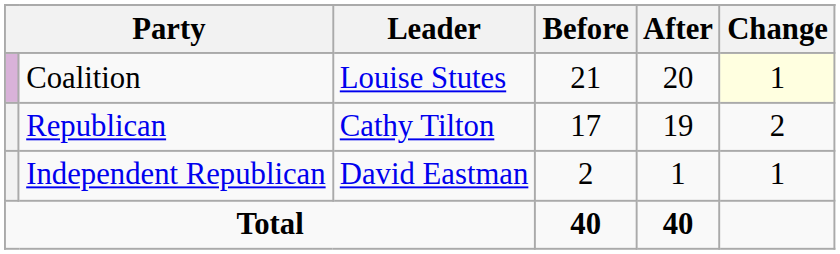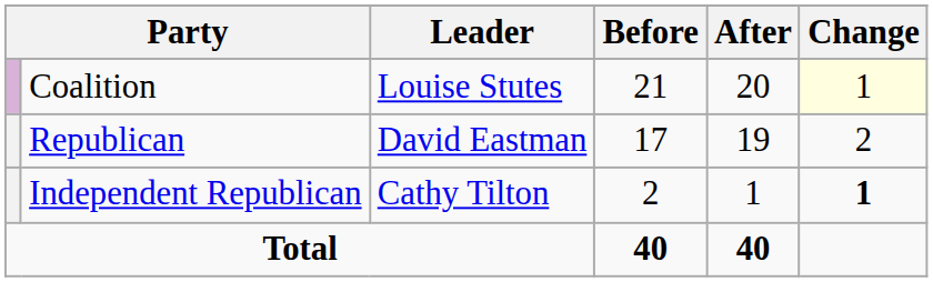 <table class="wikitable" style="text-align:center;">
 <tr>
 </tr>
 <tr>
 <th colspan=2>Party</th>
 <th>Leader</th>
 <th>Before</th>
 <th>After</th>
 <th>Change</th>
 </tr>
 <tr>
 <th style="background-color:#d9b2d9;"></th>
 <td style="text-align:left;">Coalition</td>
 <td style="text-align:left;"><a href='#'>Louise Stutes</a></td>
 <td>21</td>
 <td>20</td>
 <td style="background: lightyellow;"> 1</td>
 </tr>
 <tr>
 <th style="background-color:"></th>
 <td style="text-align:left;"><a href='#'>Republican</a></td>
-<td style="text-align:left;"><a href='#'>Cathy Tilton</a></td>
+<td style="text-align:left;"><a href='#'>David Eastman</a></td>
 <td>17</td>
 <td>19</td>
 <td> 2</td>
 </tr>
 <tr>
 <th style="background-color:"></th>
 <td style="text-align:left;"><a href='#'>Independent Republican</a></td>
-<td style="text-align:left;"><a href='#'>David Eastman</a></td>
+<td style="text-align:left;"><a href='#'>Cathy Tilton</a></td>
 <td>2</td>
 <td>1</td>
-<td> 1</td>
+<td><strong> 1</strong></td>
 </tr>
 <tr>
 <td colspan=3><strong>Total</strong></td>
 <td><strong>40</strong></td>
 <td><strong>40</strong></td>
 <td></td>
 </tr>
 </table>
